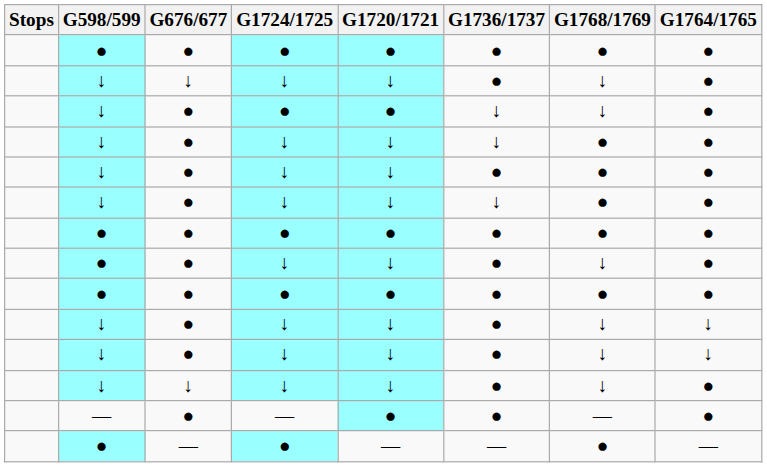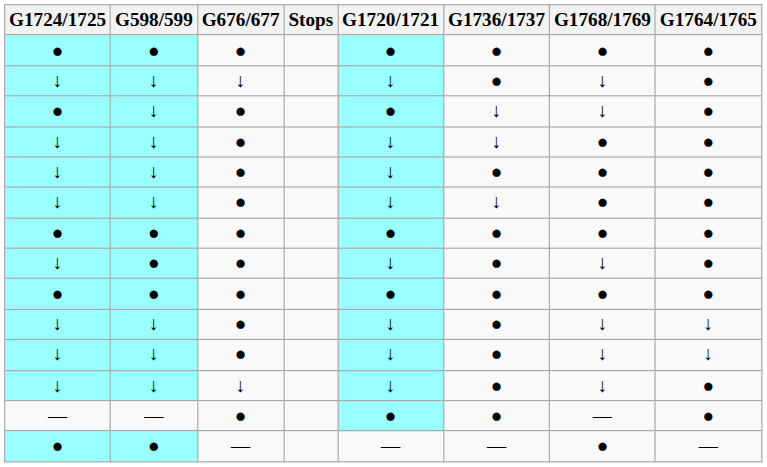 <table class="wikitable" style="text-align: center">
 <tr>
-<th>Stops</th>
+<th>G1724/1725</th>
 <th>G598/599</th>
 <th>G676/677</th>
-<th>G1724/1725</th>
+<th>Stops</th>
 <th>G1720/1721</th>
 <th>G1736/1737</th>
 <th>G1768/1769</th>
 <th>G1764/1765</th>
 </tr>
 <tr>
-<td><strong></strong></td>
+<td style="background:#99FFFF">●</td>
 <td style="background:#99FFFF">●</td>
 <td>●</td>
-<td style="background:#99FFFF">●</td>
+<td><strong></strong></td>
 <td style="background:#99FFFF">●</td>
 <td>●</td>
 <td>●</td>
 <td>●</td>
 </tr>
 <tr>
-<td></td>
+<td style="background:#99FFFF">↓</td>
 <td style="background:#99FFFF">↓</td>
 <td>↓</td>
-<td style="background:#99FFFF">↓</td>
+<td></td>
 <td style="background:#99FFFF">↓</td>
 <td>●</td>
 <td>↓</td>
 <td>●</td>
 </tr>
 <tr>
-<td></td>
+<td style="background:#99FFFF">●</td>
 <td style="background:#99FFFF">↓</td>
 <td>●</td>
-<td style="background:#99FFFF">●</td>
+<td></td>
 <td style="background:#99FFFF">●</td>
 <td>↓</td>
 <td>↓</td>
 <td>●</td>
 </tr>
 <tr>
-<td></td>
+<td style="background:#99FFFF">↓</td>
 <td style="background:#99FFFF">↓</td>
 <td>●</td>
-<td style="background:#99FFFF">↓</td>
+<td></td>
 <td style="background:#99FFFF">↓</td>
 <td>↓</td>
 <td>●</td>
 <td>●</td>
 </tr>
 <tr>
-<td></td>
+<td style="background:#99FFFF">↓</td>
 <td style="background:#99FFFF">↓</td>
 <td>●</td>
-<td style="background:#99FFFF">↓</td>
+<td></td>
 <td style="background:#99FFFF">↓</td>
 <td>●</td>
 <td>●</td>
 <td>●</td>
 </tr>
 <tr>
-<td></td>
+<td style="background:#99FFFF">↓</td>
 <td style="background:#99FFFF">↓</td>
 <td>●</td>
-<td style="background:#99FFFF">↓</td>
+<td></td>
 <td style="background:#99FFFF">↓</td>
 <td>↓</td>
 <td>●</td>
 <td>●</td>
 </tr>
 <tr>
-<td><strong></strong></td>
+<td style="background:#99FFFF">●</td>
 <td style="background:#99FFFF">●</td>
 <td>●</td>
-<td style="background:#99FFFF">●</td>
+<td><strong></strong></td>
 <td style="background:#99FFFF">●</td>
 <td>●</td>
 <td>●</td>
 <td>●</td>
 </tr>
 <tr>
-<td></td>
+<td style="background:#99FFFF">↓</td>
 <td style="background:#99FFFF">●</td>
 <td>●</td>
-<td style="background:#99FFFF">↓</td>
+<td></td>
 <td style="background:#99FFFF">↓</td>
 <td>●</td>
 <td>↓</td>
 <td>●</td>
 </tr>
 <tr>
-<td><strong></strong></td>
+<td style="background:#99FFFF">●</td>
 <td style="background:#99FFFF">●</td>
 <td>●</td>
-<td style="background:#99FFFF">●</td>
+<td><strong></strong></td>
 <td style="background:#99FFFF">●</td>
 <td>●</td>
 <td>●</td>
 <td>●</td>
 </tr>
 <tr>
-<td></td>
+<td style="background:#99FFFF">↓</td>
 <td style="background:#99FFFF">↓</td>
 <td>●</td>
-<td style="background:#99FFFF">↓</td>
+<td></td>
 <td style="background:#99FFFF">↓</td>
 <td>●</td>
 <td>↓</td>
 <td>↓</td>
 </tr>
 <tr>
-<td></td>
+<td style="background:#99FFFF">↓</td>
 <td style="background:#99FFFF">↓</td>
 <td>●</td>
-<td style="background:#99FFFF">↓</td>
+<td></td>
 <td style="background:#99FFFF">↓</td>
 <td>●</td>
 <td>↓</td>
 <td>↓</td>
 </tr>
 <tr>
-<td></td>
+<td style="background:#99FFFF">↓</td>
 <td style="background:#99FFFF">↓</td>
 <td>↓</td>
-<td style="background:#99FFFF">↓</td>
+<td></td>
 <td style="background:#99FFFF">↓</td>
 <td>●</td>
 <td>↓</td>
 <td>●</td>
 </tr>
 <tr>
-<td><strong></strong></td>
+<td>—</td>
 <td>—</td>
 <td>●</td>
-<td>—</td>
+<td><strong></strong></td>
 <td style="background:#99FFFF">●</td>
 <td>●</td>
 <td>—</td>
 <td>●</td>
 </tr>
 <tr>
-<td><strong></strong></td>
+<td style="background:#99FFFF">●</td>
 <td style="background:#99FFFF">●</td>
 <td>—</td>
-<td style="background:#99FFFF">●</td>
+<td><strong></strong></td>
 <td>—</td>
 <td>—</td>
 <td>●</td>
 <td>—</td>
 </tr>
 </table>
